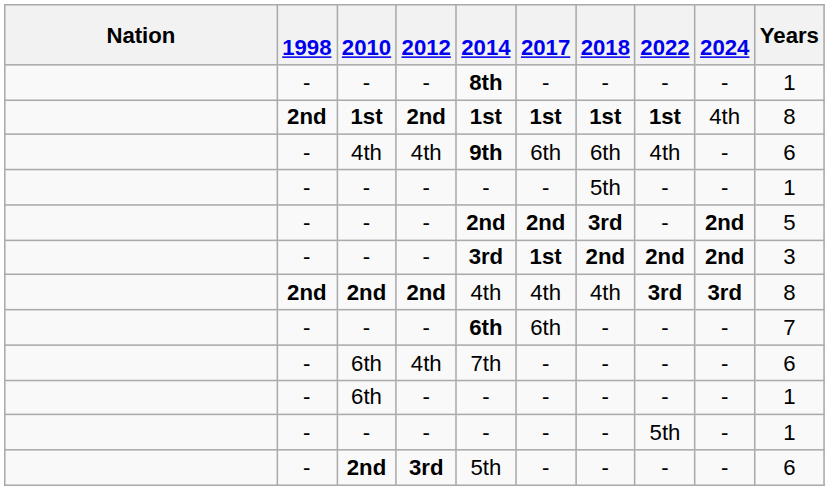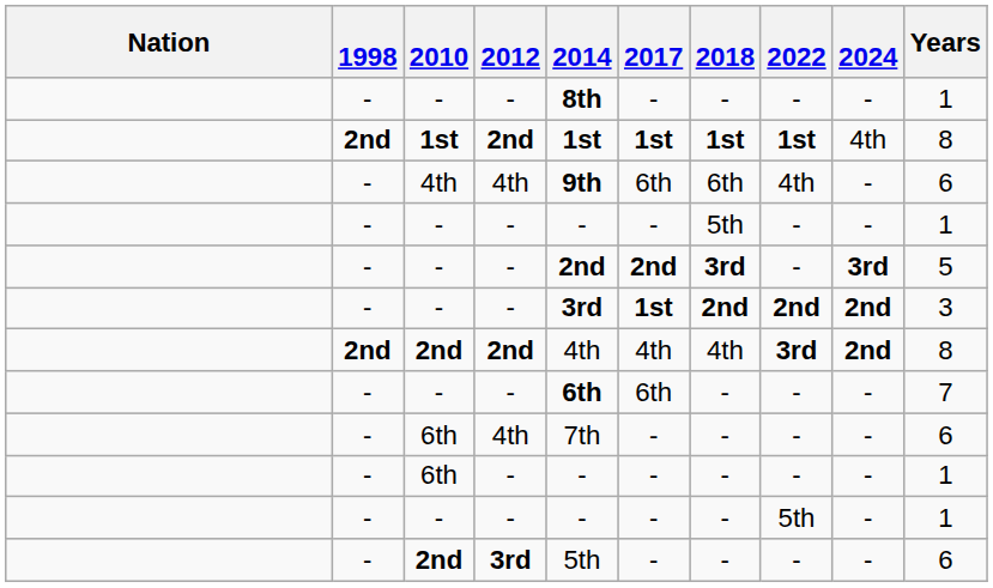 <table class="wikitable" style="text-align:center; font-size:90%">
 <tr>
 <th width=170>Nation</th>
 <th><br><a href='#'>1998</a></th>
 <th><br><a href='#'>2010</a></th>
 <th><br><a href='#'>2012</a></th>
 <th><br><a href='#'>2014</a></th>
 <th><br><a href='#'>2017</a></th>
 <th><br><a href='#'>2018</a></th>
 <th><br><a href='#'>2022</a></th>
 <th><br><a href='#'>2024</a></th>
 <th>Years</th>
 </tr>
 <tr>
 <td align=left></td>
 <td>-</td>
 <td>-</td>
 <td>-</td>
 <td><strong>8th</strong></td>
 <td>-</td>
 <td>-</td>
 <td>-</td>
 <td>-</td>
 <td>1</td>
 </tr>
 <tr>
 <td align=left></td>
 <td><strong>2nd</strong></td>
 <td><strong>1st</strong></td>
 <td><strong>2nd</strong></td>
 <td><strong>1st</strong></td>
 <td><strong>1st</strong></td>
 <td><strong>1st</strong></td>
 <td><strong>1st</strong></td>
 <td>4th</td>
 <td>8</td>
 </tr>
 <tr>
 <td align=left></td>
 <td>-</td>
 <td>4th</td>
 <td>4th</td>
 <td><strong>9th</strong></td>
 <td>6th</td>
 <td>6th</td>
 <td>4th</td>
 <td>-</td>
 <td>6</td>
 </tr>
 <tr>
 <td align=left></td>
 <td>-</td>
 <td>-</td>
 <td>-</td>
 <td>-</td>
 <td>-</td>
 <td>5th</td>
 <td>-</td>
 <td>-</td>
 <td>1</td>
 </tr>
 <tr>
 <td align=left></td>
 <td>-</td>
 <td>-</td>
 <td>-</td>
 <td><strong>2nd</strong></td>
 <td><strong>2nd</strong></td>
 <td><strong>3rd</strong></td>
 <td>-</td>
-<td><strong>2nd</strong></td>
+<td><strong>3rd</strong></td>
 <td>5</td>
 </tr>
 <tr>
 <td align=left></td>
 <td>-</td>
 <td>-</td>
 <td>-</td>
 <td><strong>3rd</strong></td>
 <td><strong>1st</strong></td>
 <td><strong>2nd</strong></td>
 <td><strong>2nd</strong></td>
 <td><strong>2nd</strong></td>
 <td>3</td>
 </tr>
 <tr>
 <td align=left></td>
 <td><strong>2nd</strong></td>
 <td><strong>2nd</strong></td>
 <td><strong>2nd</strong></td>
 <td>4th</td>
 <td>4th</td>
 <td>4th</td>
 <td><strong>3rd</strong></td>
-<td><strong>3rd</strong></td>
+<td><strong>2nd</strong></td>
 <td>8</td>
 </tr>
 <tr>
 <td align=left></td>
 <td>-</td>
 <td>-</td>
 <td>-</td>
 <td><strong>6th</strong></td>
 <td>6th</td>
 <td>-</td>
 <td>-</td>
 <td>-</td>
 <td>7</td>
 </tr>
 <tr>
 <td align=left></td>
 <td>-</td>
 <td>6th</td>
 <td>4th</td>
 <td>7th</td>
 <td>-</td>
 <td>-</td>
 <td>-</td>
 <td>-</td>
 <td>6</td>
 </tr>
 <tr>
 <td align=left></td>
 <td>-</td>
 <td>6th</td>
 <td>-</td>
 <td>-</td>
 <td>-</td>
 <td>-</td>
 <td>-</td>
 <td>-</td>
 <td>1</td>
 </tr>
 <tr>
 <td align=left></td>
 <td>-</td>
 <td>-</td>
 <td>-</td>
 <td>-</td>
 <td>-</td>
 <td>-</td>
 <td>5th</td>
 <td>-</td>
 <td>1</td>
 </tr>
 <tr>
 <td align=left></td>
 <td>-</td>
 <td><strong>2nd</strong></td>
 <td><strong>3rd</strong></td>
 <td>5th</td>
 <td>-</td>
 <td>-</td>
 <td>-</td>
 <td>-</td>
 <td>6</td>
 </tr>
 </table>
